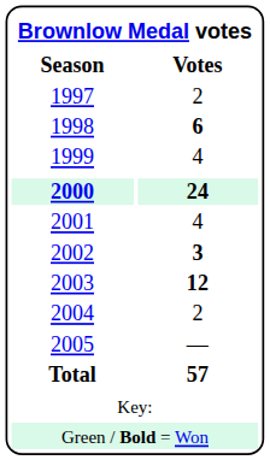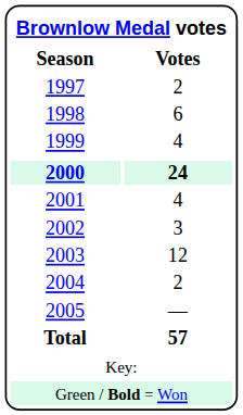 <table style="margin-right:4px; margin-top:8px; float:right; border:1px #000 solid; border-radius:8px; background:#fff; font-family:Verdana; font-size:8pt; text-align:center;">
 <tr style="background:#fff;">
 <td colspan="2;" style="padding:3px; margin-bottom:-3px; margin-top:2px; font-family:Arial; "><strong><a href='#'>Brownlow Medal</a> votes</strong></td>
 </tr>
 <tr>
 <th style="width:50%;">Season</th>
 <th style="width:50%;">Votes</th>
 </tr>
 <tr>
 <td><a href='#'>1997</a></td>
 <td>2</td>
 </tr>
 <tr>
 <td><a href='#'>1998</a></td>
-<td><strong>6</strong></td>
+<td>6</td>
 </tr>
 <tr>
 <td><a href='#'>1999</a></td>
 <td>4</td>
 </tr>
 <tr>
 </tr>
 <tr style="background:#D9F9E9;">
 <td><strong><a href='#'>2000</a></strong></td>
 <td><strong>24</strong></td>
 </tr>
 <tr>
 <td><a href='#'>2001</a></td>
 <td>4</td>
 </tr>
 <tr>
 <td><a href='#'>2002</a></td>
-<td><strong>3</strong></td>
+<td>3</td>
 </tr>
 <tr>
 <td><a href='#'>2003</a></td>
-<td><strong>12</strong></td>
+<td>12</td>
 </tr>
 <tr>
 <td><a href='#'>2004</a></td>
 <td>2</td>
 </tr>
 <tr>
 <td><a href='#'>2005</a></td>
 <td>—</td>
 </tr>
 <tr>
 <td><strong>Total</strong></td>
 <td><strong>57</strong></td>
 </tr>
 <tr>
 <td colspan=2><small>Key:</small></td>
 </tr>
 <tr style="background:#d9f9e9; border:1px solid #aaa; width:2em;">
 <td colspan=2><small>Green / <strong>Bold</strong> = <a href='#'>Won</a></small></td>
 </tr>
 </table>
